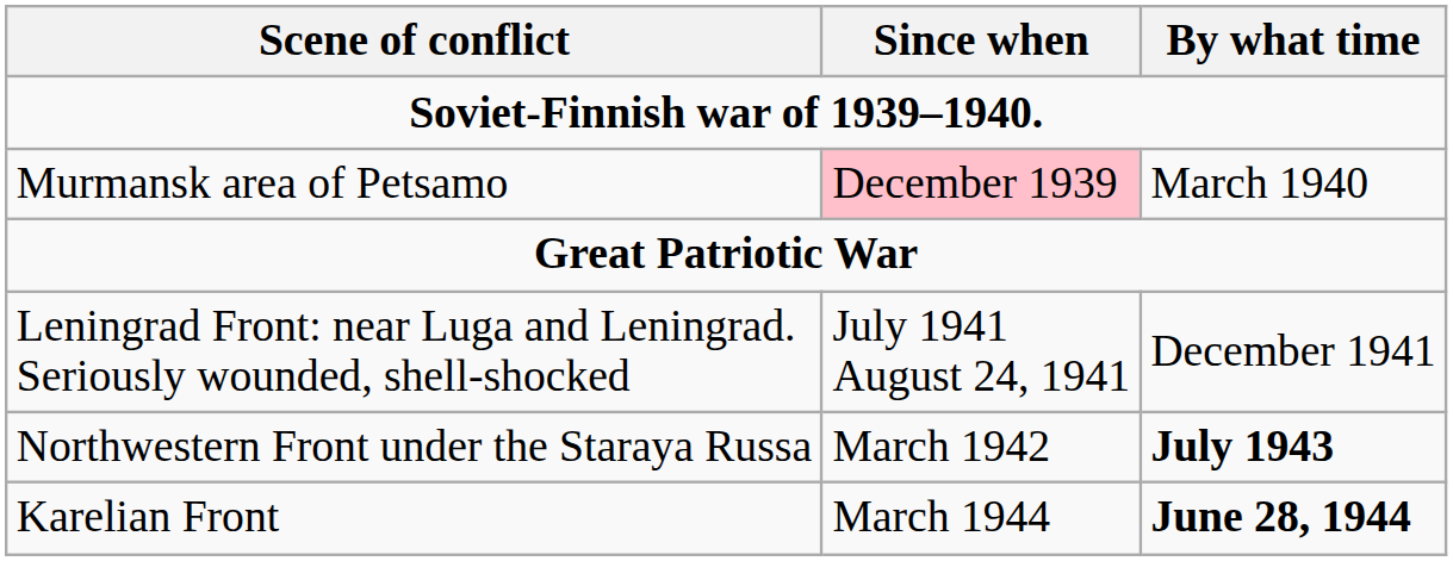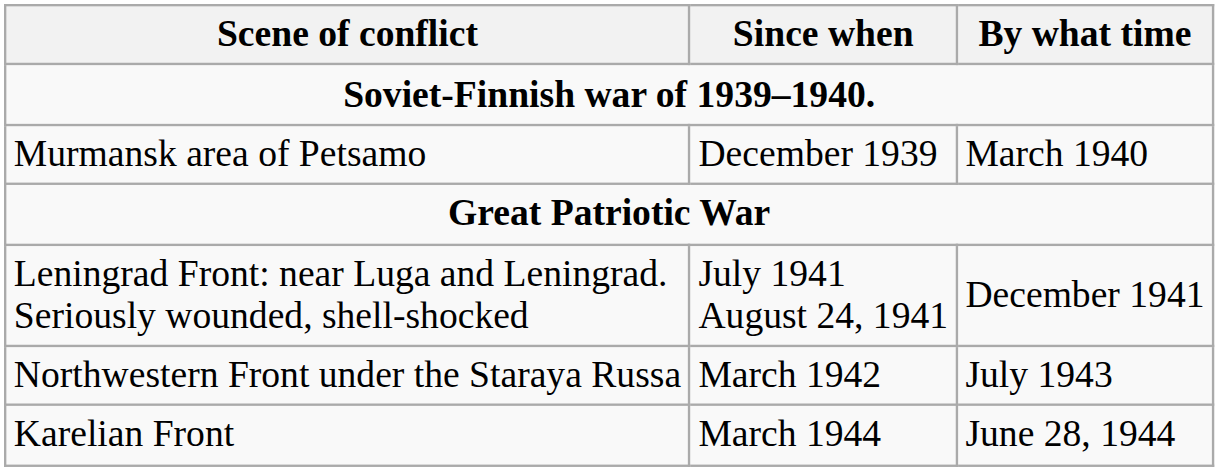 <table class="wikitable">
 <tr>
 <th>Scene of conflict</th>
 <th>Since when</th>
 <th>By what time</th>
 </tr>
 <tr>
 <td colspan="30" align="center"><strong>Soviet-Finnish war of 1939–1940.</strong></td>
 </tr>
 <tr>
 <td>Murmansk area of Petsamo</td>
-<td style="background: pink;">December 1939</td>
+<td>December 1939</td>
 <td>March 1940</td>
 </tr>
 <tr>
 <td colspan="30" align="center"><strong>Great Patriotic War</strong></td>
 </tr>
 <tr>
 <td>Leningrad Front: near Luga and Leningrad.<br>Seriously wounded, shell-shocked</td>
 <td>July 1941<br>August 24, 1941</td>
 <td>December 1941</td>
 </tr>
 <tr>
 <td>Northwestern Front under the Staraya Russa</td>
 <td>March 1942</td>
-<td><strong>July 1943</strong></td>
+<td>July 1943</td>
 </tr>
 <tr>
 <td>Karelian Front</td>
 <td>March 1944</td>
-<td><strong>June 28, 1944</strong></td>
+<td>June 28, 1944</td>
 </tr>
 </table>
